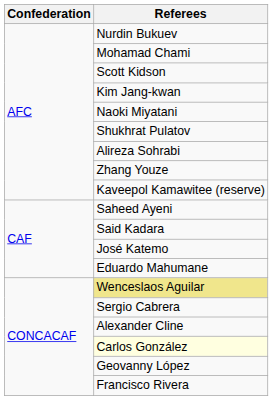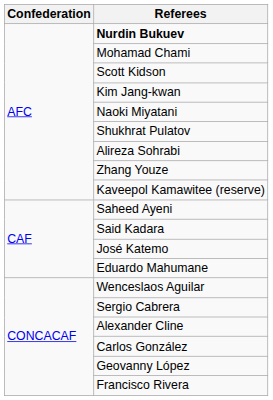 <table class="wikitable">
 <tr>
 <th>Confederation</th>
 <th>Referees</th>
 </tr>
 <tr>
 <td rowspan="9"><a href='#'>AFC</a></td>
-<td> Nurdin Bukuev</td>
+<td><strong> Nurdin Bukuev</strong></td>
 </tr>
 <tr>
 <td> Mohamad Chami</td>
 </tr>
 <tr>
 <td> Scott Kidson</td>
 </tr>
 <tr>
 <td> Kim Jang-kwan</td>
 </tr>
 <tr>
 <td> Naoki Miyatani</td>
 </tr>
 <tr>
 <td> Shukhrat Pulatov</td>
 </tr>
 <tr>
 <td> Alireza Sohrabi</td>
 </tr>
 <tr>
 <td> Zhang Youze</td>
 </tr>
 <tr>
 <td> Kaveepol Kamawitee (reserve)</td>
 </tr>
 <tr>
 <td rowspan="4"><a href='#'>CAF</a></td>
 <td> Saheed Ayeni</td>
 </tr>
 <tr>
 <td> Said Kadara</td>
 </tr>
 <tr>
 <td> José Katemo</td>
 </tr>
 <tr>
 <td> Eduardo Mahumane</td>
 </tr>
 <tr>
 <td rowspan="6"><a href='#'>CONCACAF</a></td>
-<td style="background: khaki;"> Wenceslaos Aguilar</td>
+<td> Wenceslaos Aguilar</td>
 </tr>
 <tr>
 <td> Sergio Cabrera</td>
 </tr>
 <tr>
 <td> Alexander Cline</td>
 </tr>
 <tr>
-<td style="background: lightyellow;"> Carlos González</td>
+<td> Carlos González</td>
 </tr>
 <tr>
 <td> Geovanny López</td>
 </tr>
 <tr>
 <td> Francisco Rivera</td>
 </tr>
 </table>
